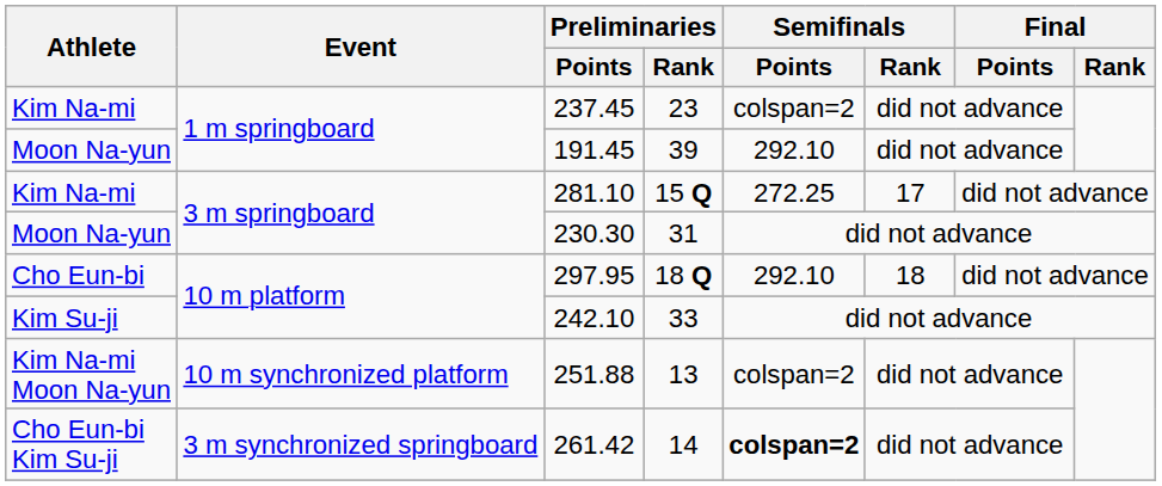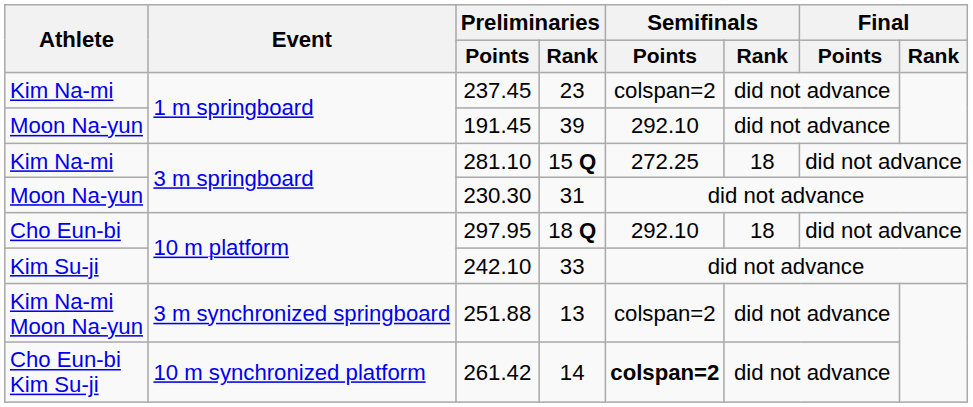 <table class=wikitable style="font-size:90%;">
 <tr>
 <th rowspan="2">Athlete</th>
 <th rowspan="2">Event</th>
 <th colspan="2">Preliminaries</th>
 <th colspan="2">Semifinals</th>
 <th colspan="2">Final</th>
 </tr>
 <tr style="font-size:95%">
 <th>Points</th>
 <th>Rank</th>
 <th>Points</th>
 <th>Rank</th>
 <th>Points</th>
 <th>Rank</th>
 </tr>
 <tr align=center>
 <td align=left><a href='#'>Kim Na-mi</a></td>
 <td align=left rowspan=2><a href='#'>1 m springboard</a></td>
 <td>237.45</td>
 <td>23</td>
 <td>colspan=2 </td>
 <td colspan=2>did not advance</td>
 </tr>
 <tr align=center>
 <td align=left><a href='#'>Moon Na-yun</a></td>
 <td>191.45</td>
 <td>39</td>
 <td>292.10</td>
 <td colspan=2>did not advance</td>
 </tr>
 <tr align=center>
 <td align=left><a href='#'>Kim Na-mi</a></td>
 <td align=left rowspan=2><a href='#'>3 m springboard</a></td>
 <td>281.10</td>
 <td>15 <strong>Q</strong></td>
 <td>272.25</td>
-<td>17</td>
+<td>18</td>
 <td colspan=2>did not advance</td>
 </tr>
 <tr align=center>
 <td align=left><a href='#'>Moon Na-yun</a></td>
 <td>230.30</td>
 <td>31</td>
 <td colspan=4>did not advance</td>
 </tr>
 <tr align=center>
 <td align=left><a href='#'>Cho Eun-bi</a></td>
 <td align=left rowspan=2><a href='#'>10 m platform</a></td>
 <td>297.95</td>
 <td>18 <strong>Q</strong></td>
 <td>292.10</td>
 <td>18</td>
 <td colspan=2>did not advance</td>
 </tr>
 <tr align=center>
 <td align=left><a href='#'>Kim Su-ji</a></td>
 <td>242.10</td>
 <td>33</td>
 <td colspan=4>did not advance</td>
 </tr>
 <tr align=center>
 <td align=left><a href='#'>Kim Na-mi</a><br><a href='#'>Moon Na-yun</a></td>
-<td align=left><a href='#'>10 m synchronized platform</a></td>
+<td align=left><a href='#'>3 m synchronized springboard</a></td>
 <td>251.88</td>
 <td>13</td>
 <td>colspan=2 </td>
 <td colspan=2>did not advance</td>
 </tr>
 <tr align=center>
 <td align=left><a href='#'>Cho Eun-bi</a><br><a href='#'>Kim Su-ji</a></td>
-<td align=left><a href='#'>3 m synchronized springboard</a></td>
+<td align=left><a href='#'>10 m synchronized platform</a></td>
 <td>261.42</td>
 <td>14</td>
 <td><strong>colspan=2 </strong></td>
 <td colspan=2>did not advance</td>
 </tr>
 </table>
